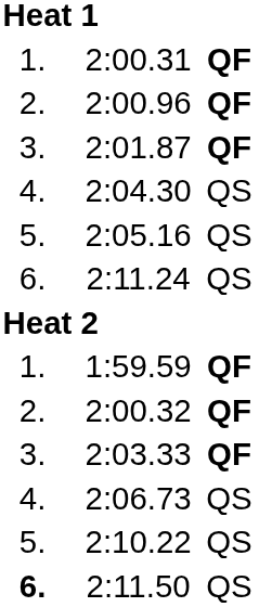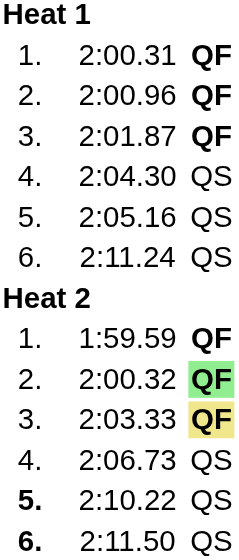 <table style="text-align:center">
 <tr>
 <td colspan=4 align=left><strong>Heat 1</strong></td>
 </tr>
 <tr>
 <td width=30>1.</td>
 <td align=left></td>
 <td width=60>2:00.31</td>
 <td><strong>QF</strong></td>
 </tr>
 <tr>
 <td>2.</td>
 <td align=left></td>
 <td>2:00.96</td>
 <td><strong>QF</strong></td>
 </tr>
 <tr>
 <td>3.</td>
 <td align=left></td>
 <td>2:01.87</td>
 <td><strong>QF</strong></td>
 </tr>
 <tr>
 <td>4.</td>
 <td align=left></td>
 <td>2:04.30</td>
 <td>QS</td>
 </tr>
 <tr>
 <td>5.</td>
 <td align=left></td>
 <td>2:05.16</td>
 <td>QS</td>
 </tr>
 <tr>
 <td>6.</td>
 <td align=left></td>
 <td>2:11.24</td>
 <td>QS</td>
 </tr>
 <tr>
 <td colspan=4 align=left><strong>Heat 2</strong></td>
 </tr>
 <tr>
 <td>1.</td>
 <td align=left></td>
 <td>1:59.59</td>
 <td><strong>QF</strong></td>
 </tr>
 <tr>
 <td>2.</td>
 <td align=left></td>
 <td>2:00.32</td>
-<td><strong>QF</strong></td>
+<td style="background: lightgreen;"><strong>QF</strong></td>
 </tr>
 <tr>
 <td>3.</td>
 <td align=left></td>
 <td>2:03.33</td>
-<td><strong>QF</strong></td>
+<td style="background: khaki;"><strong>QF</strong></td>
 </tr>
 <tr>
 <td>4.</td>
 <td align=left></td>
 <td>2:06.73</td>
 <td>QS</td>
 </tr>
 <tr>
-<td>5.</td>
+<td><strong>5.</strong></td>
 <td align=left></td>
 <td>2:10.22</td>
 <td>QS</td>
 </tr>
 <tr>
 <td><strong>6.</strong></td>
 <td align=left></td>
 <td>2:11.50</td>
 <td>QS</td>
 </tr>
 </table>
